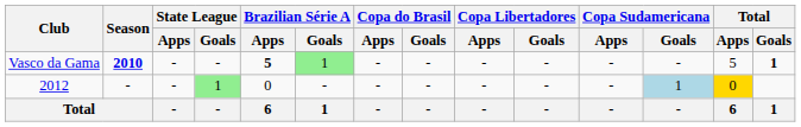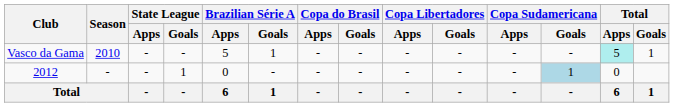 <table class="wikitable" style="text-align: center;">
 <tr>
 <th rowspan="2">Club</th>
 <th rowspan="2">Season</th>
 <th colspan="2">State League</th>
 <th colspan="2"><a href='#'>Brazilian Série A</a></th>
 <th colspan="2"><a href='#'>Copa do Brasil</a></th>
 <th colspan="2"><a href='#'>Copa Libertadores</a></th>
 <th colspan="2"><a href='#'>Copa Sudamericana</a></th>
 <th colspan="2">Total</th>
 </tr>
 <tr>
 <th>Apps</th>
 <th>Goals</th>
 <th>Apps</th>
 <th>Goals</th>
 <th>Apps</th>
 <th>Goals</th>
 <th>Apps</th>
 <th>Goals</th>
 <th>Apps</th>
 <th>Goals</th>
 <th>Apps</th>
 <th>Goals</th>
 </tr>
 <tr>
 <td rowspan="1" valign="center"><a href='#'>Vasco da Gama</a></td>
-<td><strong><a href='#'>2010</a></strong></td>
+<td><a href='#'>2010</a></td>
 <td>-</td>
 <td>-</td>
-<td><strong>5</strong></td>
-<td style="background: lightgreen;">1</td>
+<td>5</td>
+<td>1</td>
 <td>-</td>
 <td>-</td>
 <td>-</td>
 <td>-</td>
 <td>-</td>
 <td>-</td>
-<td>5</td>
-<td><strong>1</strong></td>
+<td style="background: paleturquoise;">5</td>
+<td>1</td>
 </tr>
 <tr>
 <td><a href='#'>2012</a></td>
 <td>-</td>
 <td>-</td>
-<td style="background: lightgreen;">1</td>
+<td>1</td>
 <td>0</td>
 <td>-</td>
 <td>-</td>
 <td>-</td>
 <td>-</td>
 <td>-</td>
 <td>-</td>
 <td style="background: lightblue;">1</td>
-<td style="background: gold;">0</td>
+<td>0</td>
 </tr>
 <tr>
 <th colspan="2"><strong>Total</strong></th>
 <th>-</th>
 <th>-</th>
 <th>6</th>
 <th>1</th>
 <th>-</th>
 <th>-</th>
 <th>-</th>
 <th>-</th>
 <th>-</th>
 <th>-</th>
 <th>6</th>
 <th>1</th>
 </tr>
 </table>
